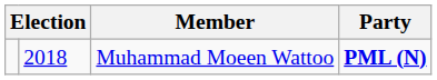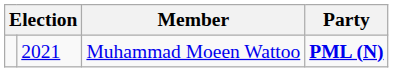 <table class="wikitable">
 <tr>
 <th colspan="2">Election</th>
 <th>Member</th>
 <th>Party</th>
 </tr>
 <tr>
 <td style="background-color: "></td>
-<td><a href='#'>2018</a></td>
+<td><a href='#'>2021</a></td>
 <td><a href='#'>Muhammad Moeen Wattoo</a></td>
 <td><strong><a href='#'>PML (N)</a></strong></td>
 </tr>
 </table>
